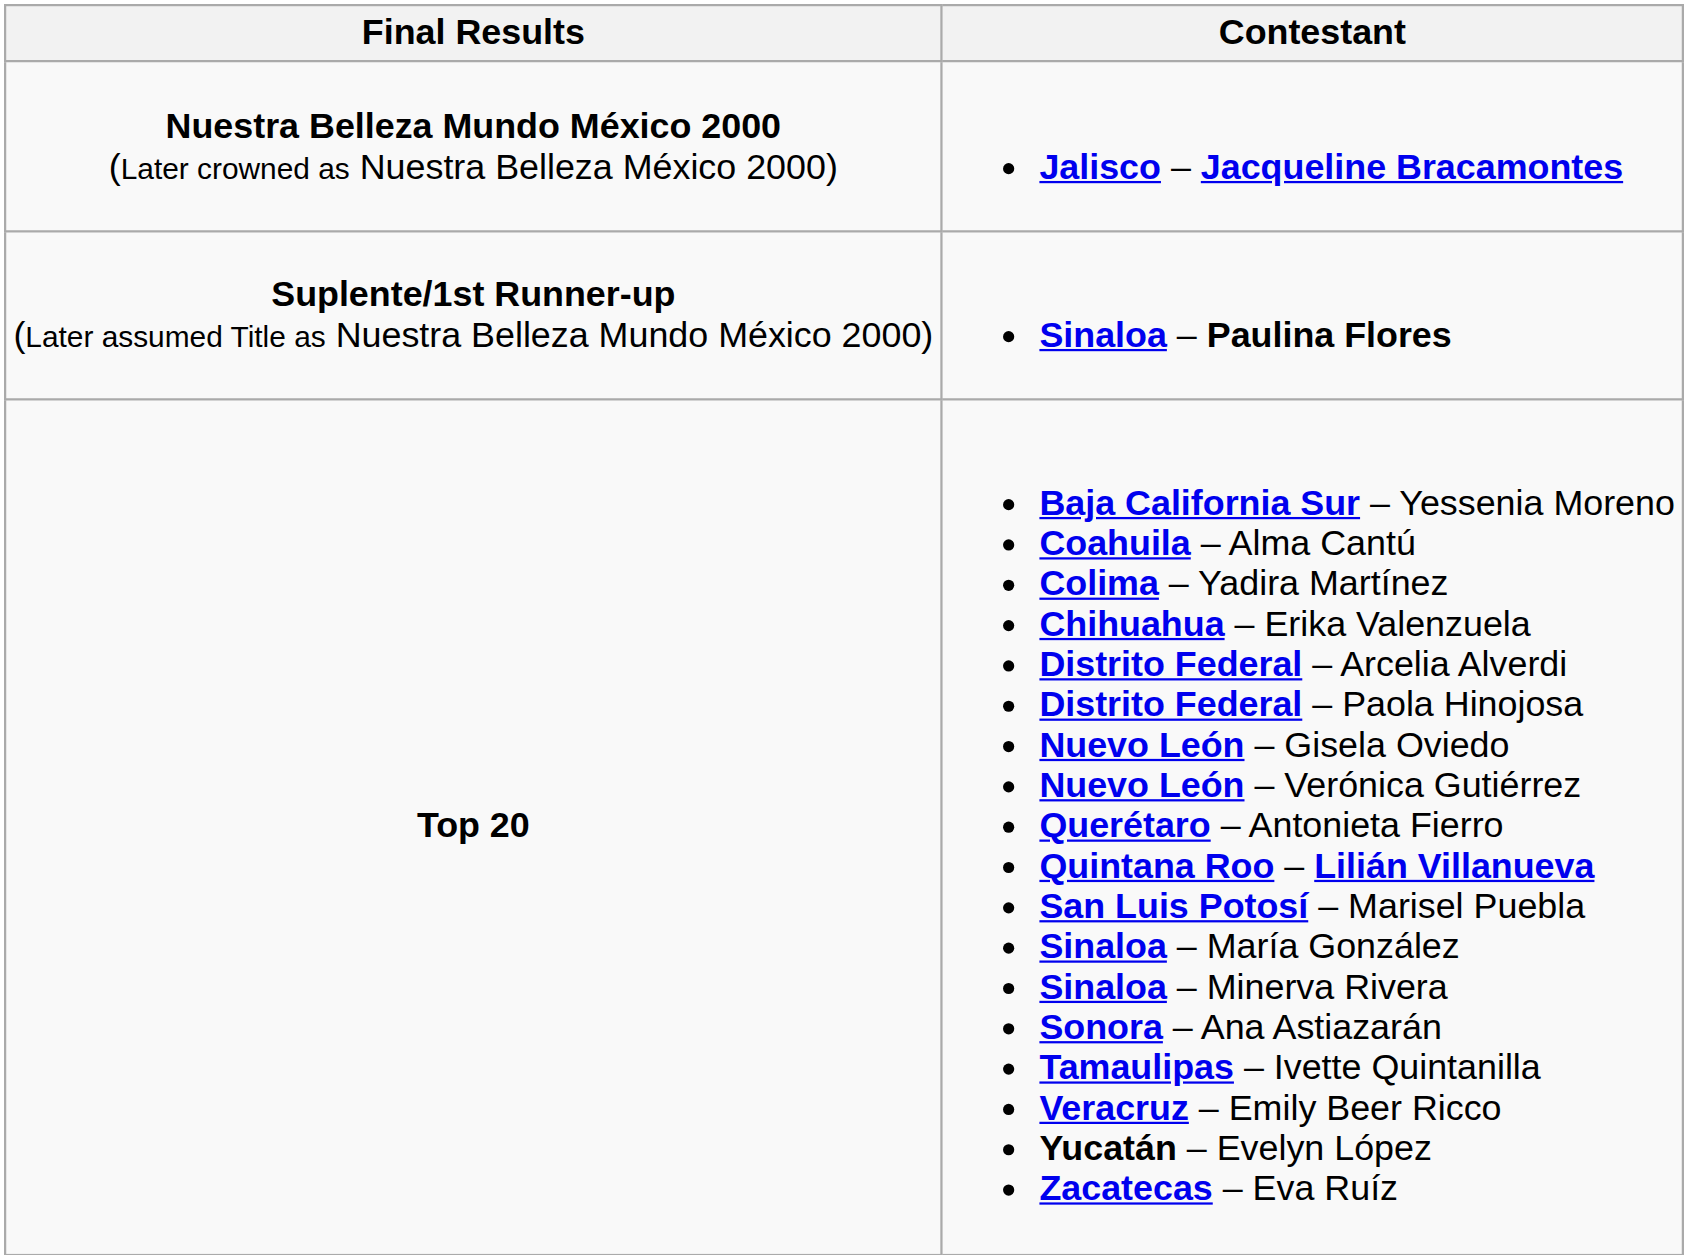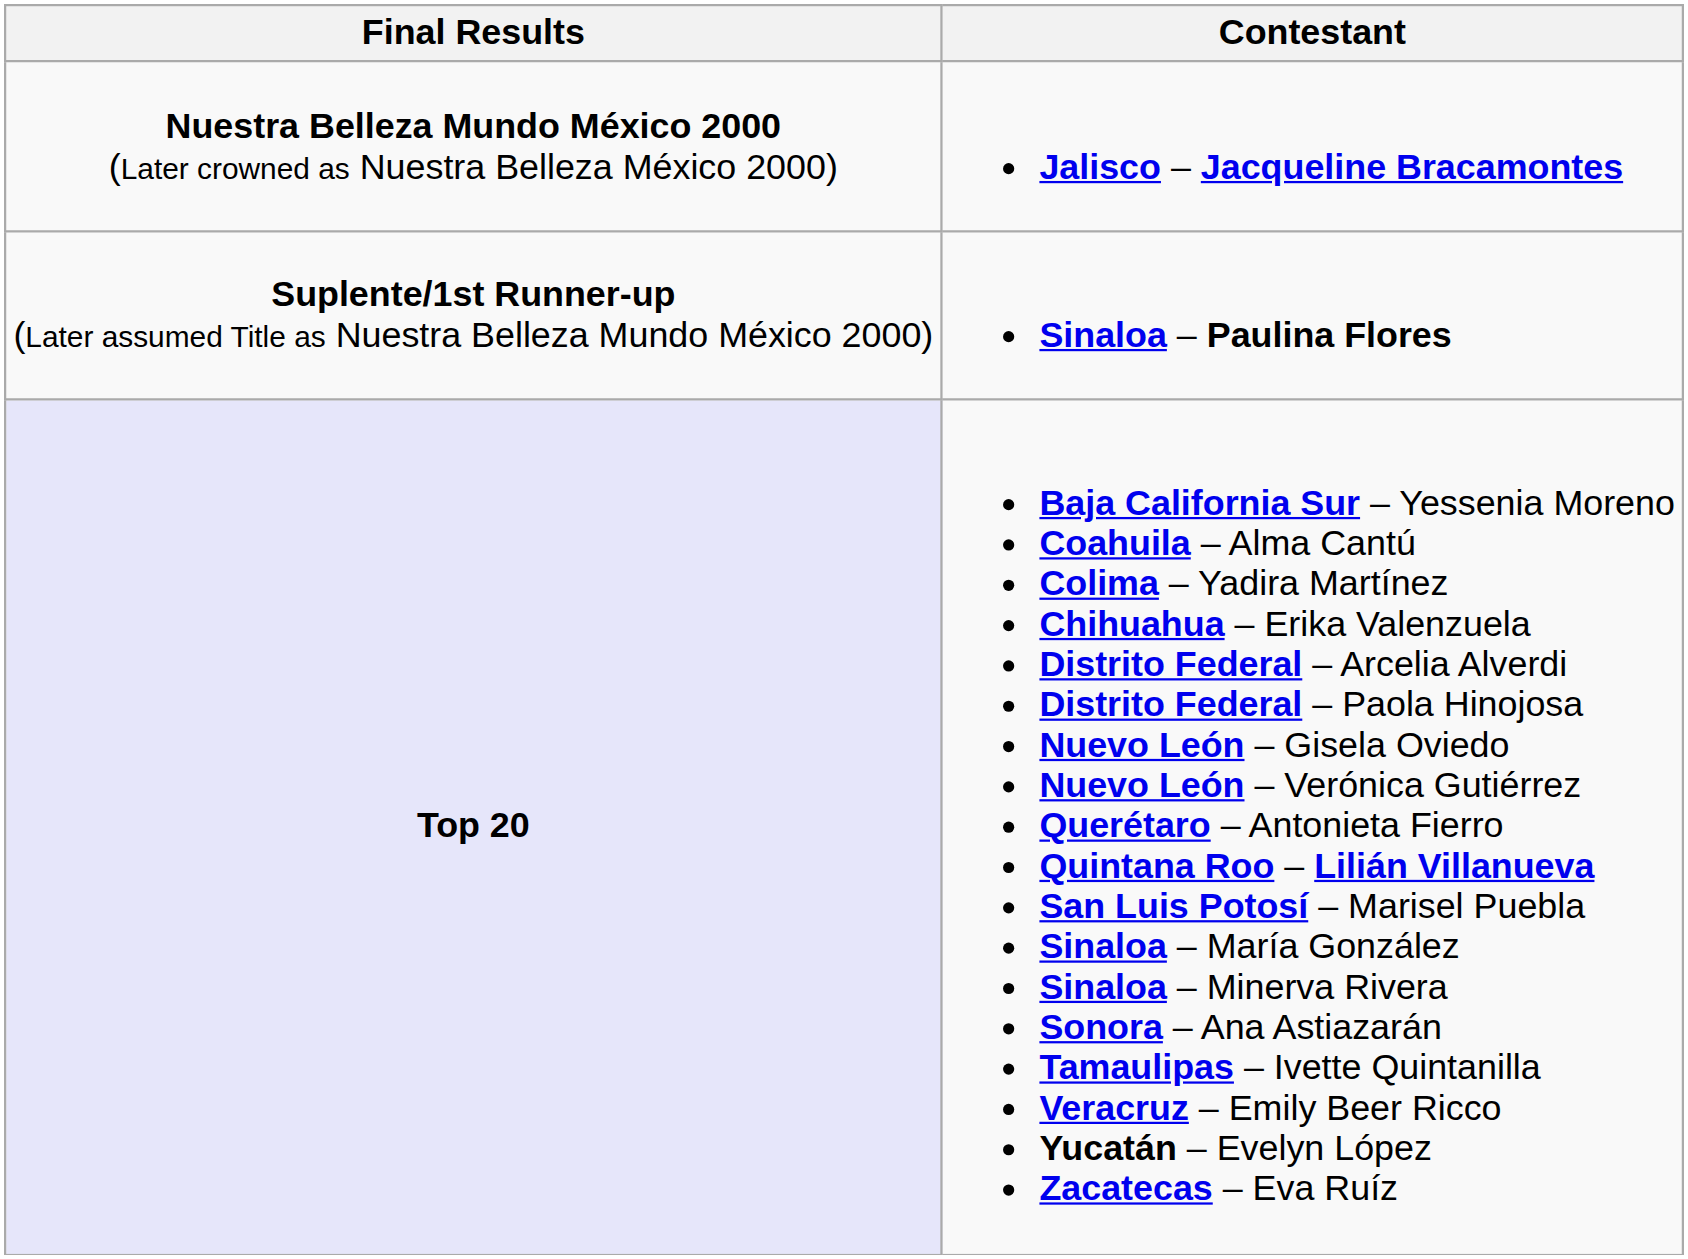 <table class="wikitable">
 <tr>
 <th>Final Results</th>
 <th>Contestant</th>
 </tr>
 <tr>
 <td align="center"><strong>Nuestra Belleza Mundo México 2000</strong><br>(<small>Later crowned as</small> Nuestra Belleza México 2000)</td>
 <td><br><ul><li><strong> <a href='#'>Jalisco</a></strong> – <strong><a href='#'>Jacqueline Bracamontes</a></strong></li></ul></td>
 </tr>
 <tr>
 <td align="center"><strong>Suplente/1st Runner-up</strong><br>(<small>Later assumed Title as</small> Nuestra Belleza Mundo México 2000)</td>
 <td><br><ul><li><strong> <a href='#'>Sinaloa</a></strong> – <strong>Paulina Flores</strong></li></ul></td>
 </tr>
 <tr>
-<td align="center"><strong>Top 20</strong></td>
+<td align="center" style="background: lavender;"><strong>Top 20</strong></td>
 <td><br><ul><li><strong> <a href='#'>Baja California Sur</a></strong> – Yessenia Moreno</li><li><strong> <a href='#'>Coahuila</a></strong> – Alma Cantú</li><li><strong> <a href='#'>Colima</a></strong> – Yadira Martínez</li><li><strong> <a href='#'>Chihuahua</a></strong> – Erika Valenzuela</li><li><strong> <a href='#'>Distrito Federal</a></strong> – Arcelia Alverdi</li><li><strong> <a href='#'>Distrito Federal</a></strong> – Paola Hinojosa</li><li><strong> <a href='#'>Nuevo León</a></strong> – Gisela Oviedo</li><li><strong> <a href='#'>Nuevo León</a></strong> – Verónica Gutiérrez</li><li><strong> <a href='#'>Querétaro</a></strong> – Antonieta Fierro</li><li><strong> <a href='#'>Quintana Roo</a></strong> – <strong><a href='#'>Lilián Villanueva</a></strong></li><li><strong> <a href='#'>San Luis Potosí</a></strong> – Marisel Puebla</li><li><strong> <a href='#'>Sinaloa</a></strong> – María González</li><li><strong> <a href='#'>Sinaloa</a></strong> – Minerva Rivera</li><li><strong> <a href='#'>Sonora</a></strong> –  Ana Astiazarán</li><li><strong> <a href='#'>Tamaulipas</a></strong> – Ivette Quintanilla</li><li><strong> <a href='#'>Veracruz</a></strong> – Emily Beer Ricco</li><li><strong> Yucatán</strong> – Evelyn López</li><li><strong> <a href='#'>Zacatecas</a></strong> – Eva Ruíz</li></ul></td>
 </tr>
 </table>
